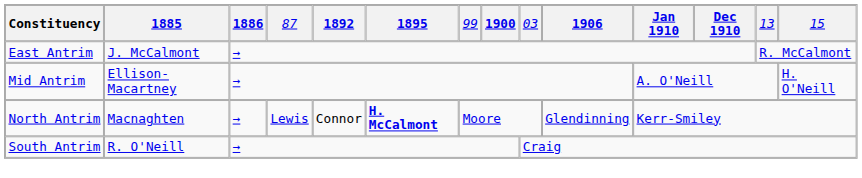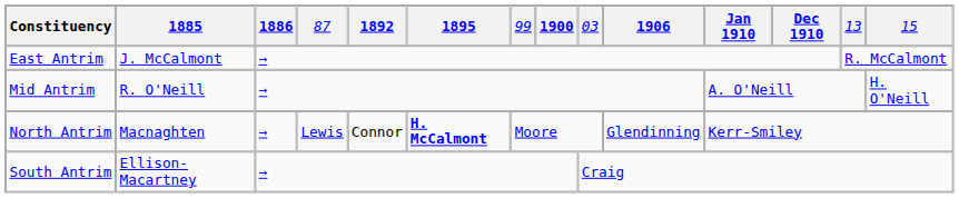 <table class="wikitable" style="border-collapse: separate; border-spacing: 0;">
 <tr>
 <th>Constituency</th>
 <th><a href='#'>1885</a></th>
 <th><a href='#'>1886</a></th>
 <th style="font-weight: normal;"><em><a href='#'>87</a></em></th>
 <th><a href='#'>1892</a></th>
 <th><a href='#'>1895</a></th>
 <th style="font-weight: normal;"><em><a href='#'>99</a></em></th>
 <th><a href='#'>1900</a></th>
 <th style="font-weight: normal;"><em><a href='#'>03</a></em></th>
 <th><a href='#'>1906</a></th>
 <th><a href='#'>Jan 1910</a></th>
 <th><a href='#'>Dec 1910</a></th>
 <th style="font-weight: normal;"><em><a href='#'>13</a></em></th>
 <th style="font-weight: normal;"><em><a href='#'>15</a></em></th>
 </tr>
 <tr>
 <td><a href='#'>East Antrim</a></td>
 <td><a href='#'>J. McCalmont</a></td>
 <td colspan="10"><a href='#'>→</a></td>
 <td colspan="2"><a href='#'>R. McCalmont</a></td>
 </tr>
 <tr>
 <td><a href='#'>Mid Antrim</a></td>
-<td><a href='#'>Ellison-Macartney</a></td>
+<td><a href='#'>R. O'Neill</a></td>
 <td colspan="8"><a href='#'>→</a></td>
 <td colspan="3"><a href='#'>A. O'Neill</a></td>
 <td><a href='#'>H. O'Neill</a></td>
 </tr>
 <tr>
 <td><a href='#'>North Antrim</a></td>
 <td><a href='#'>Macnaghten</a></td>
 <td><a href='#'>→</a></td>
 <td><a href='#'>Lewis</a></td>
 <td>Connor</td>
 <td><strong><a href='#'>H. McCalmont</a></strong></td>
 <td colspan="3"><a href='#'>Moore</a></td>
 <td><a href='#'>Glendinning</a></td>
 <td colspan="4"><a href='#'>Kerr-Smiley</a></td>
 </tr>
 <tr>
 <td><a href='#'>South Antrim</a></td>
-<td><a href='#'>R. O'Neill</a></td>
+<td><a href='#'>Ellison-Macartney</a></td>
 <td colspan="6"><a href='#'>→</a></td>
 <td colspan="6"><a href='#'>Craig</a></td>
 </tr>
 </table>
